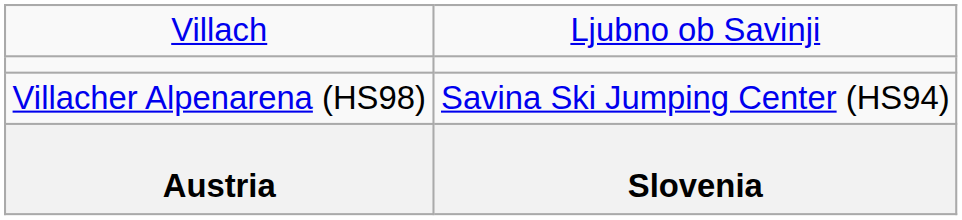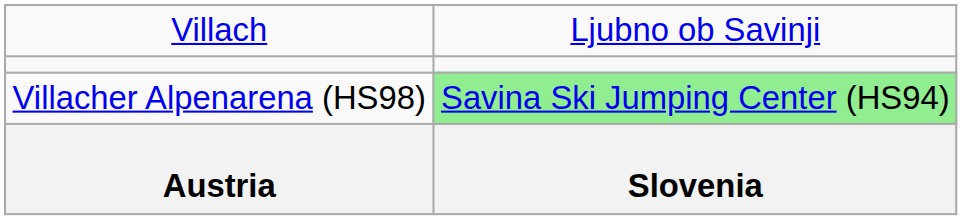 <table class="wikitable" style="text-align:center">
 <tr>
 <td> <a href='#'>Villach</a></td>
 <td> <a href='#'>Ljubno ob Savinji</a></td>
 </tr>
 <tr>
 <td></td>
 <td></td>
 </tr>
 <tr>
 <td><a href='#'>Villacher Alpenarena</a> (HS98)</td>
-<td><a href='#'>Savina Ski Jumping Center</a> (HS94)</td>
+<td style="background: lightgreen;"><a href='#'>Savina Ski Jumping Center</a> (HS94)</td>
 </tr>
 <tr>
 <th colspan="1"><br>Austria </th>
 <th colspan="1"><br>Slovenia </th>
 </tr>
 </table>
